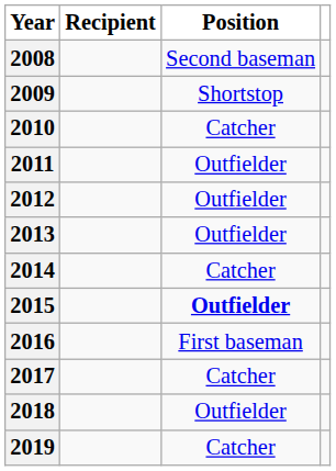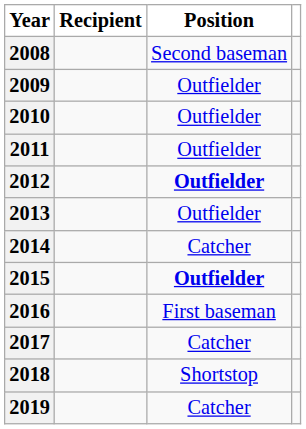 <table class="wikitable sortable plainrowheaders" style="text-align:center">
 <tr>
 <th scope="col" style="background-color:#ffffff; border-top:#">Year</th>
 <th scope="col" style="background-color:#ffffff; border-top:#">Recipient</th>
 <th scope="col" style="background-color:#ffffff; border-top:#">Position</th>
 <th scope="col" class="unsortable" style="background-color:#ffffff; border-top:#"></th>
 </tr>
 <tr>
 <th scope="row" style="text-align:center">2008</th>
 <td></td>
 <td><a href='#'>Second baseman</a></td>
 <td></td>
 </tr>
 <tr>
 <th scope="row" style="text-align:center">2009</th>
 <td></td>
-<td><a href='#'>Shortstop</a></td>
+<td><a href='#'>Outfielder</a></td>
 <td></td>
 </tr>
 <tr>
 <th scope="row" style="text-align:center">2010</th>
 <td></td>
-<td><a href='#'>Catcher</a></td>
+<td><a href='#'>Outfielder</a></td>
 <td></td>
 </tr>
 <tr>
 <th scope="row" style="text-align:center">2011</th>
 <td></td>
 <td><a href='#'>Outfielder</a></td>
 <td></td>
 </tr>
 <tr>
 <th scope="row" style="text-align:center">2012</th>
 <td></td>
-<td><a href='#'>Outfielder</a></td>
+<td><strong><a href='#'>Outfielder</a></strong></td>
 <td></td>
 </tr>
 <tr>
 <th scope="row" style="text-align:center">2013</th>
 <td></td>
 <td><a href='#'>Outfielder</a></td>
 <td></td>
 </tr>
 <tr>
 <th scope="row" style="text-align:center">2014</th>
 <td></td>
 <td><a href='#'>Catcher</a></td>
 <td></td>
 </tr>
 <tr>
 <th scope="row" style="text-align:center">2015</th>
 <td></td>
 <td><strong><a href='#'>Outfielder</a></strong></td>
 <td></td>
 </tr>
 <tr>
 <th scope="row" style="text-align:center">2016</th>
 <td></td>
 <td><a href='#'>First baseman</a></td>
 <td></td>
 </tr>
 <tr>
 <th scope="row" style="text-align:center">2017</th>
 <td></td>
 <td><a href='#'>Catcher</a></td>
 <td></td>
 </tr>
 <tr>
 <th scope="row" style="text-align:center">2018</th>
 <td></td>
-<td><a href='#'>Outfielder</a></td>
+<td><a href='#'>Shortstop</a></td>
 <td></td>
 </tr>
 <tr>
 <th scope="row" style="text-align:center">2019</th>
 <td></td>
 <td><a href='#'>Catcher</a></td>
 <td></td>
 </tr>
 </table>
